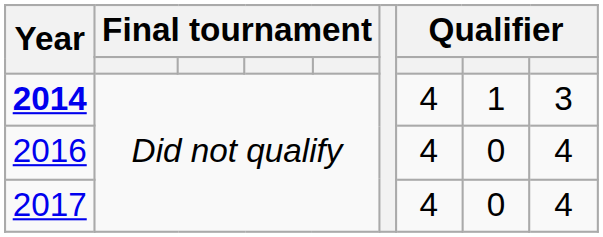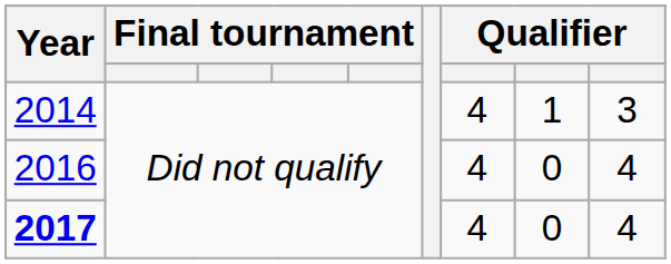 <table class="wikitable" style="text-align: center; font-size=85%">
 <tr>
 <th rowspan=2>Year</th>
 <th colspan=4>Final tournament</th>
 <th rowspan=5></th>
 <th colspan=3>Qualifier</th>
 </tr>
 <tr>
 <th></th>
 <th width=25px></th>
 <th width=25px></th>
 <th width=25px></th>
 <th width=25px></th>
 <th width=25px></th>
 <th width=25px></th>
 </tr>
 <tr>
-<td><strong> <a href='#'>2014</a></strong></td>
+<td> <a href='#'>2014</a></td>
 <td rowspan=3 colspan=4><em>Did not qualify</em></td>
 <td>4</td>
 <td>1</td>
 <td>3</td>
 </tr>
 <tr>
 <td> <a href='#'>2016</a></td>
 <td>4</td>
 <td>0</td>
 <td>4</td>
 </tr>
 <tr>
-<td> <a href='#'>2017</a></td>
+<td><strong> <a href='#'>2017</a></strong></td>
 <td>4</td>
 <td>0</td>
 <td>4</td>
 </tr>
 </table>
